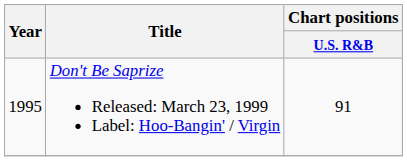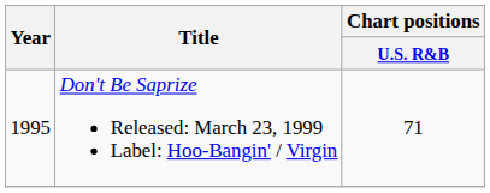 <table class="wikitable">
 <tr>
 <th rowspan="2">Year</th>
 <th rowspan="2">Title</th>
 <th colspan="2">Chart positions</th>
 </tr>
 <tr>
 <th><small><a href='#'>U.S. R&B</a></small></th>
 </tr>
 <tr>
 <td>1995</td>
 <td><em><a href='#'>Don't Be Saprize</a></em><br><ul><li>Released: March 23, 1999</li><li>Label: <a href='#'>Hoo-Bangin'</a> / <a href='#'>Virgin</a></li></ul></td>
-<td align="center">91</td>
+<td align="center">71</td>
 </tr>
 <tr>
 </tr>
 </table>
